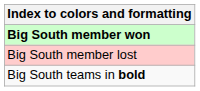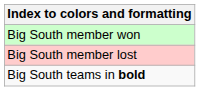 <table class="wikitable">
 <tr>
 <th>Index to colors and formatting</th>
 </tr>
 <tr bgcolor= #ccffcc>
-<td><strong>Big South member won</strong></td>
+<td>Big South member won</td>
 </tr>
 <tr bgcolor=#ffcccc>
 <td>Big South member lost</td>
 </tr>
 <tr>
 <td>Big South teams in <strong>bold</strong></td>
 </tr>
 </table>
